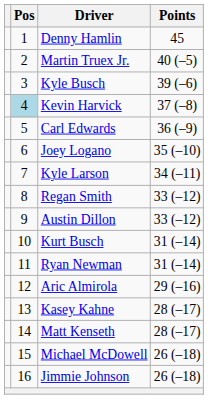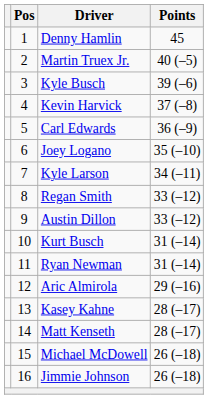 <table class="wikitable" style="font-size: 95%;">
 <tr>
 <th></th>
 <th>Pos</th>
 <th>Driver</th>
 <th>Points</th>
 </tr>
 <tr>
 <td align="left"></td>
 <td style="text-align:center;">1</td>
 <td><a href='#'>Denny Hamlin</a></td>
 <td style="text-align:center;">45</td>
 </tr>
 <tr>
 <td align="left"></td>
 <td style="text-align:center;">2</td>
 <td><a href='#'>Martin Truex Jr.</a></td>
 <td style="text-align:center;">40 (–5)</td>
 </tr>
 <tr>
 <td align="left"></td>
 <td style="text-align:center;">3</td>
 <td><a href='#'>Kyle Busch</a></td>
 <td style="text-align:center;">39 (–6)</td>
 </tr>
 <tr>
 <td align="left"></td>
-<td style="background: lightblue; text-align:center;">4</td>
+<td style="text-align:center;">4</td>
 <td><a href='#'>Kevin Harvick</a></td>
 <td style="text-align:center;">37 (–8)</td>
 </tr>
 <tr>
 <td align="left"></td>
 <td style="text-align:center;">5</td>
 <td><a href='#'>Carl Edwards</a></td>
 <td style="text-align:center;">36 (–9)</td>
 </tr>
 <tr>
 <td align="left"></td>
 <td style="text-align:center;">6</td>
 <td><a href='#'>Joey Logano</a></td>
 <td style="text-align:center;">35 (–10)</td>
 </tr>
 <tr>
 <td align="left"></td>
 <td style="text-align:center;">7</td>
 <td><a href='#'>Kyle Larson</a></td>
 <td style="text-align:center;">34 (–11)</td>
 </tr>
 <tr>
 <td align="left"></td>
 <td style="text-align:center;">8</td>
 <td><a href='#'>Regan Smith</a></td>
 <td style="text-align:center;">33 (–12)</td>
 </tr>
 <tr>
 <td align="left"></td>
 <td style="text-align:center;">9</td>
 <td><a href='#'>Austin Dillon</a></td>
 <td style="text-align:center;">33 (–12)</td>
 </tr>
 <tr>
 <td align="left"></td>
 <td style="text-align:center;">10</td>
 <td><a href='#'>Kurt Busch</a></td>
 <td style="text-align:center;">31 (–14)</td>
 </tr>
 <tr>
 <td align="left"></td>
 <td style="text-align:center;">11</td>
 <td><a href='#'>Ryan Newman</a></td>
 <td style="text-align:center;">31 (–14)</td>
 </tr>
 <tr>
 <td align="left"></td>
 <td style="text-align:center;">12</td>
 <td><a href='#'>Aric Almirola</a></td>
 <td style="text-align:center;">29 (–16)</td>
 </tr>
 <tr>
 <td align="left"></td>
 <td style="text-align:center;">13</td>
 <td><a href='#'>Kasey Kahne</a></td>
 <td style="text-align:center;">28 (–17)</td>
 </tr>
 <tr>
 <td align="left"></td>
 <td style="text-align:center;">14</td>
 <td><a href='#'>Matt Kenseth</a></td>
 <td style="text-align:center;">28 (–17)</td>
 </tr>
 <tr>
 <td align="left"></td>
 <td style="text-align:center;">15</td>
 <td><a href='#'>Michael McDowell</a></td>
 <td style="text-align:center;">26 (–18)</td>
 </tr>
 <tr>
 <td align="left"></td>
 <td style="text-align:center;">16</td>
 <td><a href='#'>Jimmie Johnson</a></td>
 <td style="text-align:center;">26 (–18)</td>
 </tr>
 <tr>
 <th colspan="8"></th>
 </tr>
 </table>
